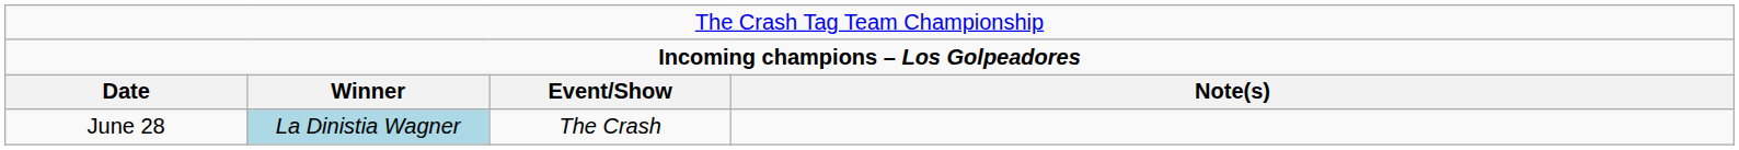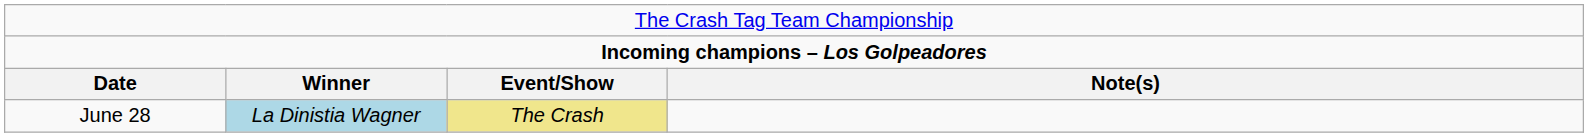 <table class="wikitable" style="text-align:center; width:100%;">
 <tr>
 <td colspan="4" style="text-align: center;"><a href='#'>The Crash Tag Team Championship</a></td>
 </tr>
 <tr>
 <td colspan="4" style="text-align: center;"><strong>Incoming champions – <em>Los Golpeadores</em> </strong></td>
 </tr>
 <tr>
 <th width=14%>Date</th>
 <th width=14%>Winner</th>
 <th width=14%>Event/Show</th>
 <th width=58%>Note(s)</th>
 </tr>
 <tr>
 <td>June 28</td>
 <td style="background: lightblue;"><em>La Dinistia Wagner</em><br></td>
-<td><em>The Crash</em></td>
+<td style="background: khaki;"><em>The Crash</em></td>
 <td></td>
 </tr>
 </table>
